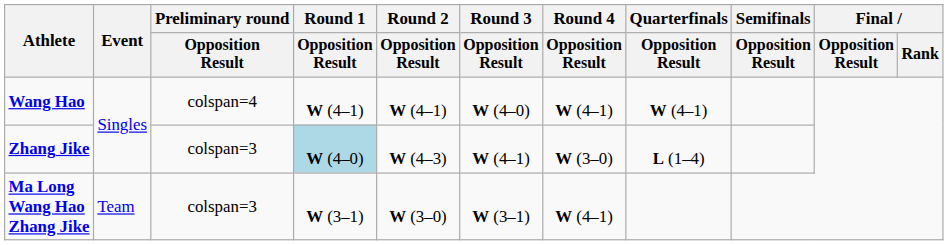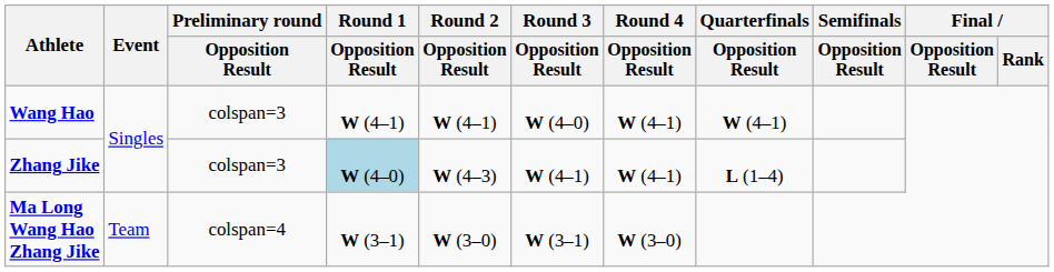 <table class="wikitable" style="font-size:90%">
 <tr>
 <th rowspan=2>Athlete</th>
 <th rowspan=2>Event</th>
 <th>Preliminary round</th>
 <th>Round 1</th>
 <th>Round 2</th>
 <th>Round 3</th>
 <th>Round 4</th>
 <th>Quarterfinals</th>
 <th>Semifinals</th>
 <th colspan=2>Final / </th>
 </tr>
 <tr style="font-size:95%">
 <th>Opposition<br>Result</th>
 <th>Opposition<br>Result</th>
 <th>Opposition<br>Result</th>
 <th>Opposition<br>Result</th>
 <th>Opposition<br>Result</th>
 <th>Opposition<br>Result</th>
 <th>Opposition<br>Result</th>
 <th>Opposition<br>Result</th>
 <th>Rank</th>
 </tr>
 <tr align=center>
 <td align=left><strong><a href='#'>Wang Hao</a></strong></td>
 <td align=left rowspan=2><a href='#'>Singles</a></td>
-<td>colspan=4 </td>
+<td>colspan=3 </td>
 <td><br><strong>W</strong> (4–1)</td>
 <td><br><strong>W</strong> (4–1)</td>
 <td><br><strong>W</strong> (4–0)</td>
 <td><br><strong>W</strong> (4–1)</td>
 <td><br><strong>W</strong> (4–1)</td>
 <td></td>
 </tr>
 <tr align=center>
 <td align=left><strong><a href='#'>Zhang Jike</a></strong></td>
 <td>colspan=3 </td>
 <td style="background: lightblue;"><br><strong>W</strong> (4–0)</td>
 <td><br><strong>W</strong> (4–3)</td>
 <td><br><strong>W</strong> (4–1)</td>
-<td><br><strong>W</strong> (3–0)</td>
+<td><br><strong>W</strong> (4–1)</td>
 <td><br><strong>L</strong> (1–4)</td>
 <td></td>
 </tr>
 <tr align=center>
 <td align=left><strong><a href='#'>Ma Long</a><br><a href='#'>Wang Hao</a><br><a href='#'>Zhang Jike</a></strong></td>
 <td align=left><a href='#'>Team</a></td>
-<td>colspan=3 </td>
+<td>colspan=4 </td>
 <td><br><strong>W</strong> (3–1)</td>
 <td><br><strong>W</strong> (3–0)</td>
 <td><br><strong>W</strong> (3–1)</td>
-<td><br><strong>W</strong> (4–1)</td>
+<td><br><strong>W</strong> (3–0)</td>
 <td></td>
 </tr>
 </table>
